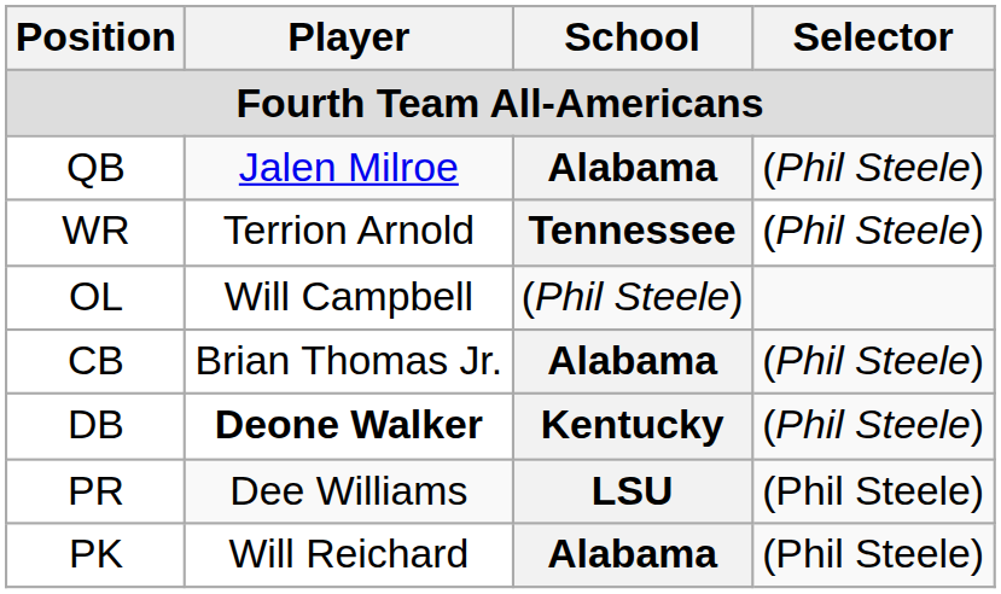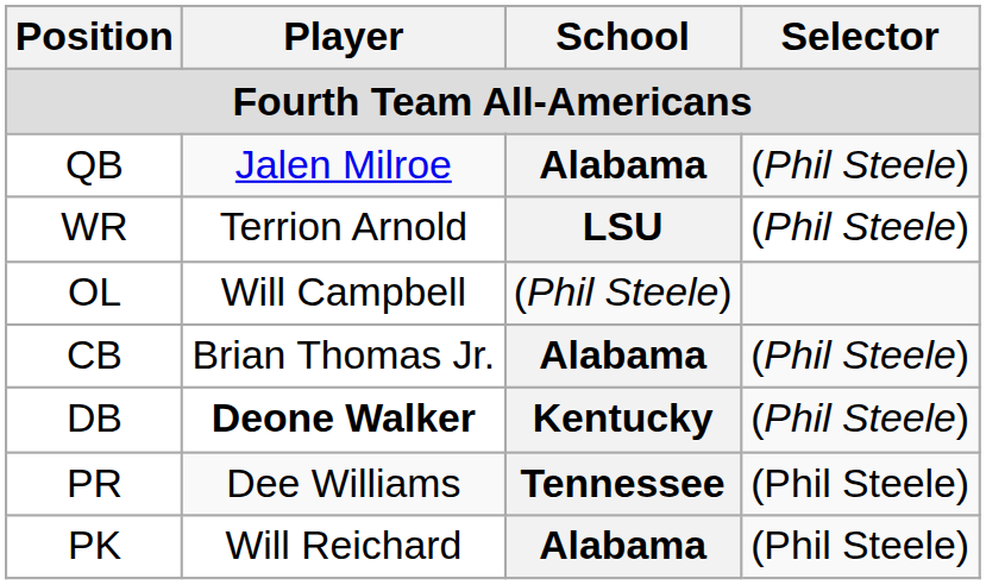 <table class="wikitable">
 <tr>
 <th>Position</th>
 <th>Player</th>
 <th>School</th>
 <th>Selector</th>
 </tr>
 <tr>
 <td colspan="6" style="text-align:center; background:#ddd;"><strong>Fourth Team All-Americans</strong></td>
 </tr>
 <tr style="text-align:center;">
 <td style="background:white">QB</td>
 <td><a href='#'>Jalen Milroe</a></td>
 <th style=>Alabama</th>
 <td>(<em>Phil Steele</em>)</td>
 </tr>
 <tr style="text-align:center;">
 <td style="background:white">WR</td>
 <td style="background:white">Terrion Arnold</td>
-<th style=>Tennessee</th>
+<th>LSU</th>
 <td style="background:white">(<em>Phil Steele</em>)</td>
 </tr>
 <tr style="text-align:center;">
 <td style="background:white">OL</td>
 <td style="background:white">Will Campbell</td>
 <td>(<em>Phil Steele</em>)</td>
 </tr>
 <tr style="text-align:center;">
 <td style="background:white">CB</td>
 <td style="background:white">Brian Thomas Jr.</td>
 <th>Alabama</th>
 <td>(<em>Phil Steele</em>)</td>
 </tr>
 <tr style="text-align:center;">
 <td style="background:white">DB</td>
 <td style="background:white"><strong>Deone Walker</strong></td>
 <th>Kentucky</th>
 <td>(<em>Phil Steele</em>)</td>
 </tr>
 <tr style="text-align:center;">
 <td style="background:white">PR</td>
 <td>Dee Williams</td>
-<th>LSU</th>
+<th style=>Tennessee</th>
 <td>(Phil Steele)</td>
 </tr>
 <tr style="text-align:center;">
 <td style="background:white">PK</td>
 <td style="background:white">Will Reichard</td>
 <th>Alabama</th>
 <td>(Phil Steele)</td>
 </tr>
 </table>
